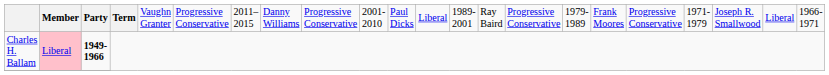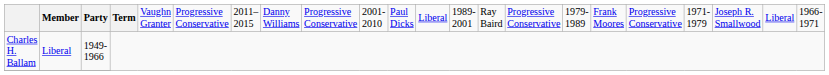 <table class="wikitable">
 <tr>
 <th> </th>
 <th>Member</th>
 <th>Party</th>
 <th>Term<br></th>
 <td><a href='#'>Vaughn Granter</a></td>
 <td><a href='#'>Progressive Conservative</a></td>
 <td>2011–2015<br></td>
 <td><a href='#'>Danny Williams</a></td>
 <td><a href='#'>Progressive Conservative</a></td>
 <td>2001-2010<br></td>
 <td><a href='#'>Paul Dicks</a></td>
 <td><a href='#'>Liberal</a></td>
 <td>1989-2001<br></td>
 <td>Ray Baird</td>
 <td><a href='#'>Progressive Conservative</a></td>
 <td>1979-1989<br></td>
 <td><a href='#'>Frank Moores</a></td>
 <td><a href='#'>Progressive Conservative</a></td>
 <td>1971-1979<br></td>
 <td><a href='#'>Joseph R. Smallwood</a></td>
 <td><a href='#'>Liberal</a></td>
 <td>1966-1971</td>
 </tr>
 <tr>
 <td><a href='#'>Charles H. Ballam</a></td>
-<td style="background: pink;"><a href='#'>Liberal</a></td>
-<td><strong>1949-1966</strong></td>
+<td><a href='#'>Liberal</a></td>
+<td>1949-1966</td>
 </tr>
 <tr>
 </tr>
 </table>
